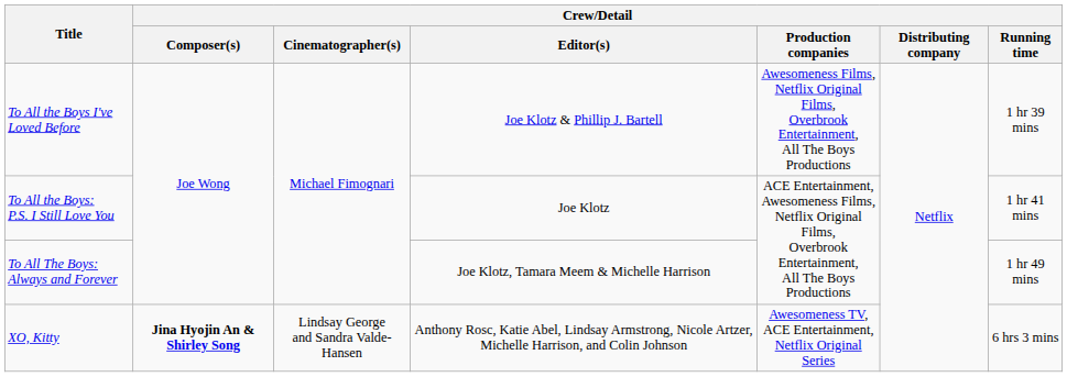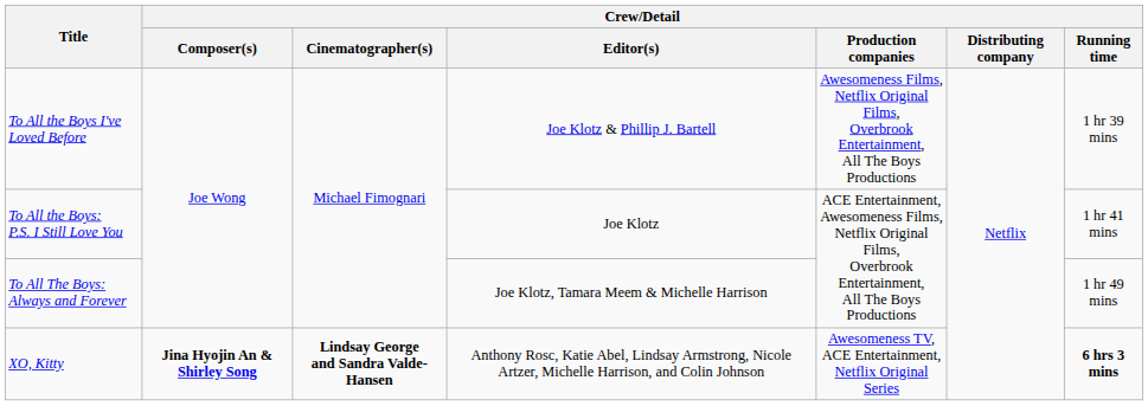 <table class="wikitable plainrowheaders" style="text-align:center">
 <tr>
 <th rowspan="2">Title</th>
 <th colspan="6">Crew/Detail</th>
 </tr>
 <tr>
 <th>Composer(s)</th>
 <th>Cinematographer(s)</th>
 <th>Editor(s)</th>
 <th>Production companies</th>
 <th>Distributing company</th>
 <th>Running time</th>
 </tr>
 <tr>
 <td style="text-align:left"><em><a href='#'>To All the Boys I've Loved Before</a></em></td>
 <td rowspan="3"><a href='#'>Joe Wong</a></td>
 <td rowspan="3"><a href='#'>Michael Fimognari</a></td>
 <td><a href='#'>Joe Klotz</a> & <a href='#'>Phillip J. Bartell</a></td>
 <td><a href='#'>Awesomeness Films</a>, <br><a href='#'>Netflix Original Films</a>, <br><a href='#'>Overbrook Entertainment</a>, <br>All The Boys Productions</td>
 <td rowspan="4"><a href='#'>Netflix</a></td>
 <td>1 hr 39 mins</td>
 </tr>
 <tr>
 <td style="text-align:left"><em><a href='#'>To All the Boys: <br>P.S. I Still Love You</a></em></td>
 <td>Joe Klotz</td>
 <td rowspan="2">ACE Entertainment, <br>Awesomeness Films, <br>Netflix Original Films, <br>Overbrook Entertainment, <br>All The Boys Productions</td>
 <td>1 hr 41 mins</td>
 </tr>
 <tr>
 <td style="text-align:left"><em><a href='#'>To All The Boys: <br>Always and Forever</a></em></td>
 <td>Joe Klotz, Tamara Meem & Michelle Harrison</td>
 <td>1 hr 49 mins</td>
 </tr>
 <tr>
 <td style="text-align:left"><em><a href='#'>XO, Kitty</a></em></td>
 <td><strong>Jina Hyojin An & <a href='#'>Shirley Song</a></strong></td>
-<td>Lindsay George <br>and Sandra Valde-Hansen</td>
+<td><strong>Lindsay George <br>and Sandra Valde-Hansen</strong></td>
 <td>Anthony Rosc, Katie Abel, Lindsay Armstrong, Nicole Artzer, Michelle Harrison, and Colin Johnson</td>
 <td><a href='#'>Awesomeness TV</a>, <br>ACE Entertainment, <br><a href='#'>Netflix Original Series</a></td>
-<td>6 hrs 3 mins <br></td>
+<td><strong>6 hrs 3 mins <br></strong></td>
 </tr>
 </table>
